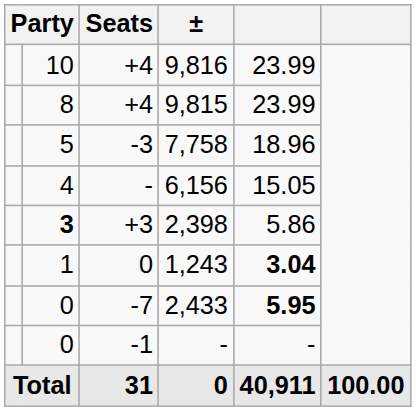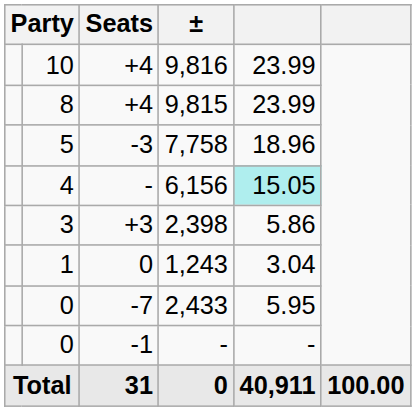 <table class=wikitable>
 <tr>
 <th colspan=2 align=center>Party</th>
 <th>Seats</th>
 <th>±</th>
 <th></th>
 <th></th>
 </tr>
 <tr>
 <td></td>
 <td align=right>10</td>
 <td align=right>+4</td>
 <td align=right>9,816</td>
 <td align=right>23.99</td>
 </tr>
 <tr>
 <td></td>
 <td align=right>8</td>
 <td align=right>+4</td>
 <td align=right>9,815</td>
 <td align=right>23.99</td>
 </tr>
 <tr>
 <td></td>
 <td align=right>5</td>
 <td align=right>-3</td>
 <td align=right>7,758</td>
 <td align=right>18.96</td>
 </tr>
 <tr>
 <td></td>
 <td align=right>4</td>
 <td align=right>-</td>
 <td align=right>6,156</td>
-<td align=right>15.05</td>
+<td align=right style="background: paleturquoise;">15.05</td>
 </tr>
 <tr>
 <td></td>
-<td align=right><strong>3</strong></td>
+<td align=right>3</td>
 <td align=right>+3</td>
 <td align=right>2,398</td>
 <td align=right>5.86</td>
 </tr>
 <tr>
 <td></td>
 <td align=right>1</td>
 <td align=right>0</td>
 <td align=right>1,243</td>
-<td align=right><strong>3.04</strong></td>
+<td align=right>3.04</td>
 </tr>
 <tr>
 <td></td>
 <td align=right>0</td>
 <td align=right>-7</td>
 <td align=right>2,433</td>
-<td align=right><strong>5.95</strong></td>
+<td align=right>5.95</td>
 </tr>
 <tr>
 <td></td>
 <td align=right>0</td>
 <td align=right>-1</td>
 <td align=right>-</td>
 <td align=right>-</td>
 </tr>
 <tr style="font-weight:bold; background:rgb(232,232,232);">
 <td colspan=2 align=center>Total</td>
 <td align=right>31</td>
 <td align=right>0</td>
 <td align=right>40,911</td>
 <td align=right>100.00</td>
 </tr>
 </table>
